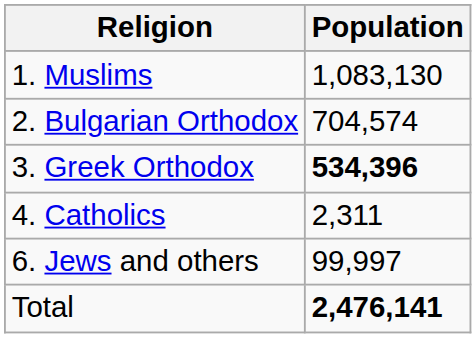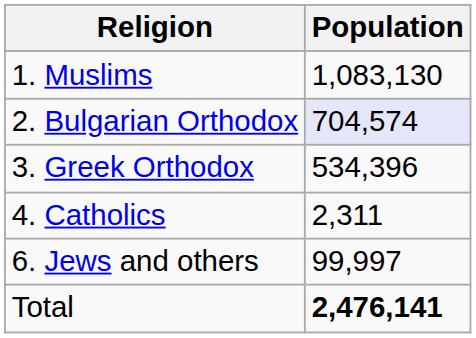 <table class="wikitable">
 <tr>
 <th>Religion</th>
 <th>Population</th>
 </tr>
 <tr>
 <td>1. <a href='#'>Muslims</a></td>
 <td>1,083,130</td>
 </tr>
 <tr>
 <td>2. <a href='#'>Bulgarian Orthodox</a></td>
-<td>704,574</td>
+<td style="background: lavender;">704,574</td>
 </tr>
 <tr>
 <td>3. <a href='#'>Greek Orthodox</a></td>
-<td><strong>534,396</strong></td>
+<td>534,396</td>
 </tr>
 <tr>
 <td>4. <a href='#'>Catholics</a></td>
 <td>2,311</td>
 </tr>
 <tr>
 <td>6. <a href='#'>Jews</a> and others</td>
 <td>99,997</td>
 </tr>
 <tr>
 <td>Total</td>
 <td><strong>2,476,141</strong></td>
 </tr>
 </table>
